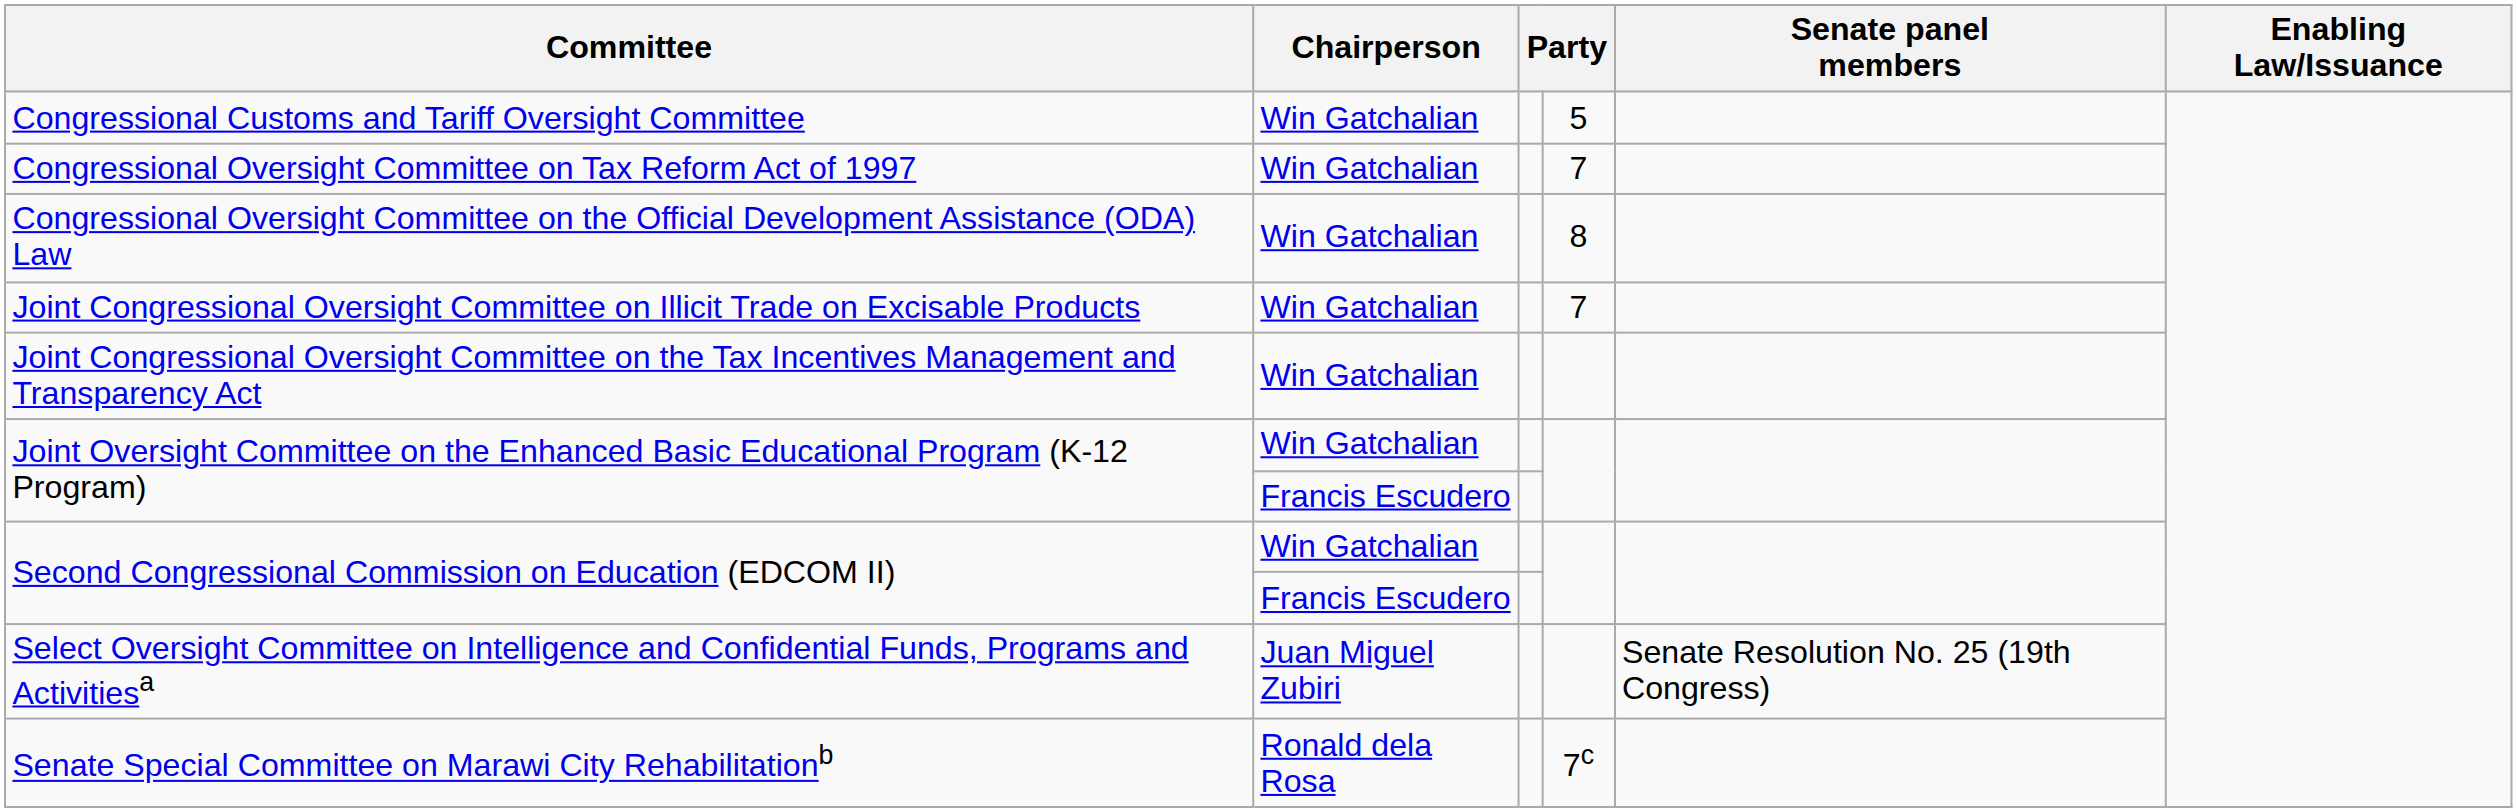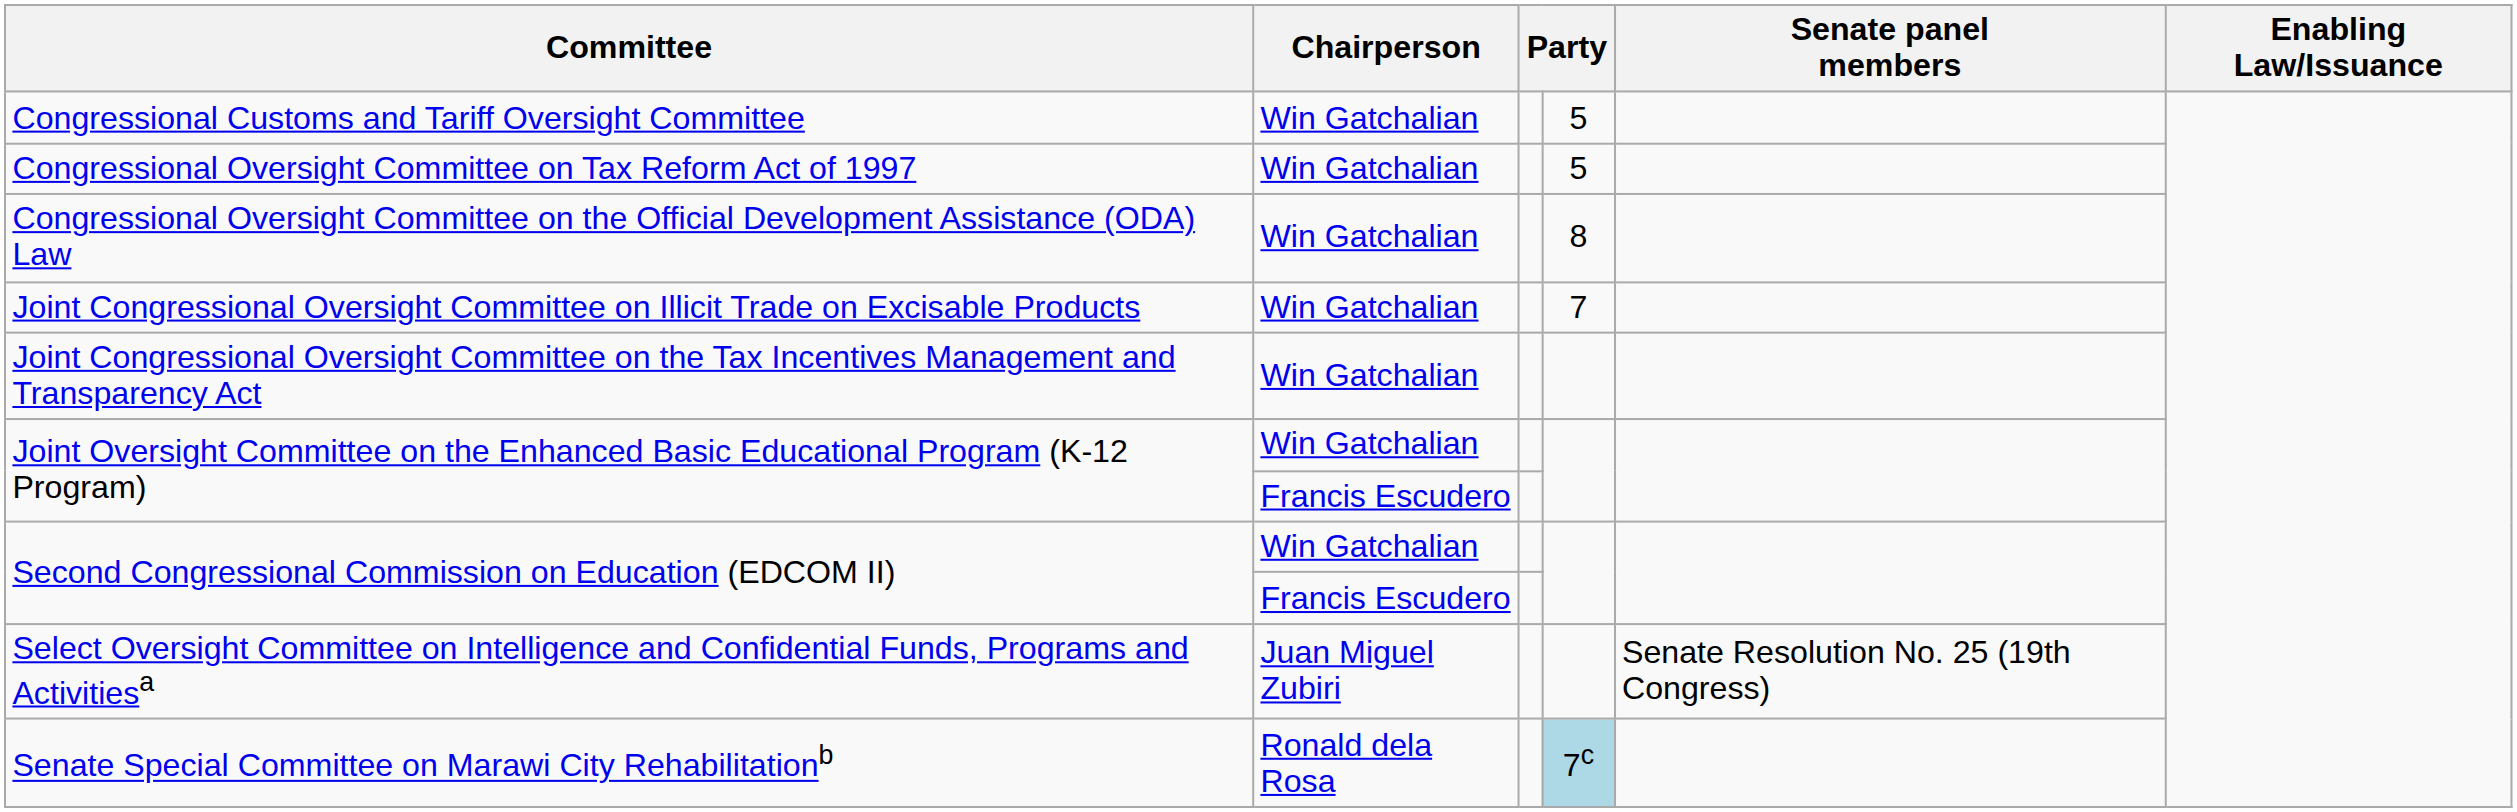 <table class="wikitable sortable">
 <tr>
 <th>Committee</th>
 <th>Chairperson</th>
 <th colspan=2>Party</th>
 <th>Senate panel<br>members</th>
 <th>Enabling Law/Issuance</th>
 </tr>
 <tr>
 <td><a href='#'>Congressional Customs and Tariff Oversight Committee</a></td>
 <td><a href='#'>Win Gatchalian</a></td>
 <td></td>
 <td align="center">5</td>
 <td></td>
 </tr>
 <tr>
 <td><a href='#'>Congressional Oversight Committee on Tax Reform Act of 1997</a></td>
 <td><a href='#'>Win Gatchalian</a></td>
 <td></td>
-<td align="center">7</td>
+<td align="center">5</td>
 <td></td>
 </tr>
 <tr>
 <td><a href='#'>Congressional Oversight Committee on the Official Development Assistance (ODA) Law</a></td>
 <td><a href='#'>Win Gatchalian</a></td>
 <td></td>
 <td align="center">8</td>
 <td></td>
 </tr>
 <tr>
 <td><a href='#'>Joint Congressional Oversight Committee on Illicit Trade on Excisable Products</a></td>
 <td><a href='#'>Win Gatchalian</a></td>
 <td></td>
 <td align="center">7</td>
 <td></td>
 </tr>
 <tr>
 <td><a href='#'>Joint Congressional Oversight Committee on the Tax Incentives Management and Transparency Act</a></td>
 <td><a href='#'>Win Gatchalian</a></td>
 <td></td>
 <td></td>
 <td></td>
 </tr>
 <tr>
 <td rowspan="2"><a href='#'>Joint Oversight Committee on the Enhanced Basic Educational Program</a> (K-12 Program)</td>
 <td><a href='#'>Win Gatchalian</a></td>
 <td></td>
 <td rowspan="2"></td>
 <td rowspan="2"></td>
 </tr>
 <tr>
 <td><a href='#'>Francis Escudero</a></td>
 <td></td>
 </tr>
 <tr>
 <td rowspan="2"><a href='#'>Second Congressional Commission on Education</a> (EDCOM II)</td>
 <td><a href='#'>Win Gatchalian</a></td>
 <td></td>
 <td rowspan="2" align="center"></td>
 <td rowspan="2"></td>
 </tr>
 <tr>
 <td><a href='#'>Francis Escudero</a></td>
 <td></td>
 </tr>
 <tr>
 <td><a href='#'>Select Oversight Committee on Intelligence and Confidential Funds, Programs and Activities</a><sup>a</sup></td>
 <td><a href='#'>Juan Miguel Zubiri</a></td>
 <td></td>
 <td></td>
 <td>Senate Resolution No. 25 (19th Congress)</td>
 </tr>
 <tr>
 <td><a href='#'>Senate Special Committee on Marawi City Rehabilitation</a><sup>b</sup></td>
 <td><a href='#'>Ronald dela Rosa</a></td>
 <td></td>
-<td align="center">7<sup>c</sup></td>
+<td align="center" style="background: lightblue;">7<sup>c</sup></td>
 <td></td>
 </tr>
 </table>
